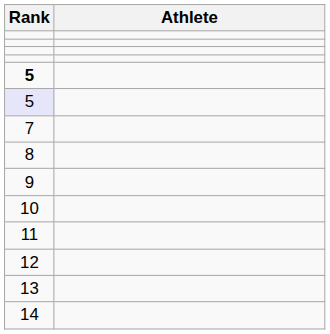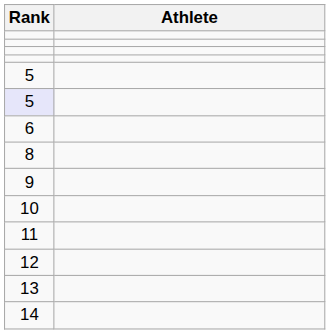 <table class="wikitable" style="text-align: center;">
 <tr>
 <th width=40>Rank</th>
 <th width=250>Athlete</th>
 </tr>
 <tr>
 <td></td>
 <td align="left"></td>
 </tr>
 <tr>
 <td></td>
 <td align="left"></td>
 </tr>
 <tr>
 <td></td>
 <td align="left"></td>
 </tr>
 <tr>
 <td></td>
 <td align="left"></td>
 </tr>
 <tr>
-<td><strong>5</strong></td>
+<td>5</td>
 <td align="left"></td>
 </tr>
 <tr>
 <td style="background: lavender;">5</td>
 <td align="left"></td>
 </tr>
 <tr>
-<td>7</td>
+<td>6</td>
 <td align="left"></td>
 </tr>
 <tr>
 <td>8</td>
 <td align="left"></td>
 </tr>
 <tr>
 <td>9</td>
 <td align="left"></td>
 </tr>
 <tr>
 <td>10</td>
 <td align="left"></td>
 </tr>
 <tr>
 <td>11</td>
 <td align="left"></td>
 </tr>
 <tr>
 <td>12</td>
 <td align="left"></td>
 </tr>
 <tr>
 <td>13</td>
 <td align="left"></td>
 </tr>
 <tr>
 <td>14</td>
 <td align="left"></td>
 </tr>
 </table>
